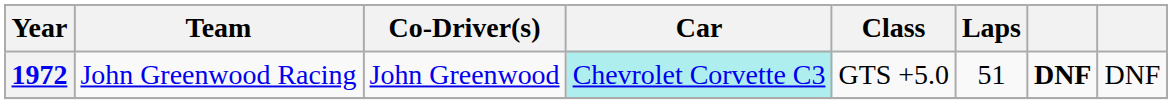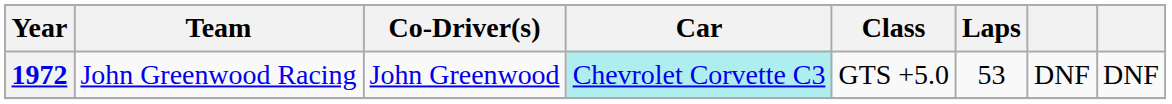 <table class="wikitable" style="text-align:center; font-size:90%">
 <tr>
 <th>Year</th>
 <th>Team</th>
 <th>Co-Driver(s)</th>
 <th>Car</th>
 <th>Class</th>
 <th>Laps</th>
 <th></th>
 <th></th>
 </tr>
 <tr>
 <th><a href='#'>1972</a></th>
 <td align="left"> <a href='#'>John Greenwood Racing</a></td>
 <td align="left"> <a href='#'>John Greenwood</a></td>
 <td align="left" style="background: paleturquoise;"><a href='#'>Chevrolet Corvette C3</a></td>
 <td>GTS +5.0</td>
-<td>51</td>
-<td><strong>DNF</strong></td>
+<td>53</td>
+<td>DNF</td>
 <td>DNF</td>
 </tr>
 <tr>
 </tr>
 </table>
